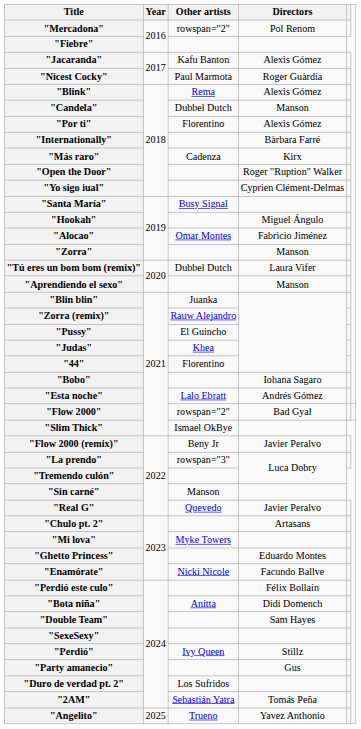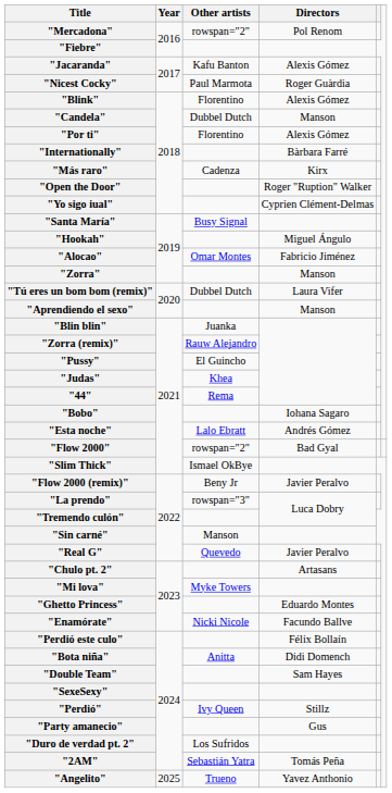 <table class="wikitable plainrowheaders" style="text-align:center">
 <tr>
 <th scope="col">Title</th>
 <th scope="col">Year</th>
 <th scope="col">Other artists</th>
 <th scope="col">Directors</th>
 <th scope="col"></th>
 </tr>
 <tr>
 <th scope="row">"Mercadona"</th>
 <td rowspan="2">2016</td>
 <td>rowspan="2" </td>
 <td>Pol Renom</td>
 <td></td>
 </tr>
 <tr>
 <th scope="row">"Fiebre"</th>
 <td></td>
 <td></td>
 </tr>
 <tr>
 <th scope="row">"Jacaranda"</th>
 <td rowspan="2">2017</td>
 <td>Kafu Banton</td>
 <td>Alexis Gómez</td>
 <td></td>
 </tr>
 <tr>
 <th scope="row">"Nicest Cocky"</th>
 <td>Paul Marmota</td>
 <td>Roger Guàrdia</td>
 <td></td>
 </tr>
 <tr>
 <th scope="row">"Blink"</th>
 <td rowspan="7">2018</td>
-<td><a href='#'>Rema</a></td>
+<td>Florentino</td>
 <td>Alexis Gómez</td>
 <td></td>
 </tr>
 <tr>
 <th scope="row">"Candela"</th>
 <td>Dubbel Dutch</td>
 <td>Manson</td>
 <td></td>
 </tr>
 <tr>
 <th scope="row">"Por ti"</th>
 <td>Florentino</td>
 <td>Alexis Gómez</td>
 <td></td>
 </tr>
 <tr>
 <th scope="row">"Internationally"</th>
 <td></td>
 <td>Bàrbara Farré</td>
 <td></td>
 </tr>
 <tr>
 <th scope="row">"Más raro"</th>
 <td>Cadenza</td>
 <td>Kirx</td>
 <td></td>
 </tr>
 <tr>
 <th scope="row">"Open the Door"</th>
 <td></td>
 <td>Roger "Ruption" Walker</td>
 <td></td>
 </tr>
 <tr>
 <th scope="row">"Yo sigo iual"</th>
 <td></td>
 <td>Cyprien Clément-Delmas</td>
 <td></td>
 </tr>
 <tr>
 <th scope="row">"Santa María"</th>
 <td rowspan="4">2019</td>
 <td><a href='#'>Busy Signal</a></td>
 <td></td>
 <td></td>
 </tr>
 <tr>
 <th scope="row">"Hookah"</th>
 <td></td>
 <td>Miguel Ángulo</td>
 <td></td>
 </tr>
 <tr>
 <th scope="row">"Alocao"</th>
 <td><a href='#'>Omar Montes</a></td>
 <td>Fabricio Jiménez</td>
 <td></td>
 </tr>
 <tr>
 <th scope="row">"Zorra"</th>
 <td></td>
 <td>Manson</td>
 <td></td>
 </tr>
 <tr>
 <th scope="row">"Tú eres un bom bom (remix)"</th>
 <td rowspan="2">2020</td>
 <td>Dubbel Dutch</td>
 <td>Laura Vifer</td>
 <td></td>
 </tr>
 <tr>
 <th scope="row">"Aprendiendo el sexo"</th>
 <td></td>
 <td>Manson</td>
 <td></td>
 </tr>
 <tr>
 <th scope="row">"Blin blin"</th>
 <td rowspan="9">2021</td>
 <td>Juanka</td>
 <td rowspan="5"></td>
 <td></td>
 </tr>
 <tr>
 <th scope="row">"Zorra (remix)"</th>
 <td><a href='#'>Rauw Alejandro</a></td>
 <td></td>
 </tr>
 <tr>
 <th scope="row">"Pussy"</th>
 <td>El Guincho</td>
 <td></td>
 </tr>
 <tr>
 <th scope="row">"Judas"</th>
 <td><a href='#'>Khea</a></td>
 <td></td>
 </tr>
 <tr>
 <th scope="row">"44"</th>
-<td>Florentino</td>
+<td><a href='#'>Rema</a></td>
 <td></td>
 </tr>
 <tr>
 <th scope="row">"Bobo"</th>
 <td></td>
 <td>Iohana Sagaro</td>
 <td></td>
 </tr>
 <tr>
 <th scope="row">"Esta noche"</th>
 <td><a href='#'>Lalo Ebratt</a></td>
 <td>Andrés Gómez</td>
 <td></td>
 </tr>
 <tr>
 <th scope="row">"Flow 2000"</th>
 <td>rowspan="2" </td>
 <td>Bad Gyal</td>
 <td></td>
 <td></td>
 </tr>
 <tr>
 <th scope="row">"Slim Thick"</th>
 <td>Ismael OkBye</td>
 <td></td>
 </tr>
 <tr>
 <th scope="row">"Flow 2000 (remix)"</th>
 <td rowspan="5">2022</td>
 <td>Beny Jr</td>
 <td>Javier Peralvo</td>
 <td></td>
 </tr>
 <tr>
 <th scope="row">"La prendo"</th>
 <td>rowspan="3" </td>
 <td rowspan="2">Luca Dobry</td>
 <td></td>
 </tr>
 <tr>
 <th scope="row">"Tremendo culón"</th>
 <td></td>
 </tr>
 <tr>
 <th scope="row">"Sin carné"</th>
 <td>Manson</td>
 <td></td>
 </tr>
 <tr>
 <th scope="row">"Real G"</th>
 <td><a href='#'>Quevedo</a></td>
 <td>Javier Peralvo</td>
 <td></td>
 </tr>
 <tr>
 <th scope="row">"Chulo pt. 2"</th>
 <td rowspan="4">2023</td>
 <td></td>
 <td>Artasans</td>
 <td></td>
 </tr>
 <tr>
 <th scope="row">"Mi lova"</th>
 <td><a href='#'>Myke Towers</a></td>
 <td></td>
 <td></td>
 </tr>
 <tr>
 <th scope="row">"Ghetto Princess"</th>
 <td></td>
 <td>Eduardo Montes</td>
 <td></td>
 </tr>
 <tr>
 <th scope="row">"Enamórate"</th>
 <td><a href='#'>Nicki Nicole</a></td>
 <td>Facundo Ballve</td>
 <td></td>
 </tr>
 <tr>
 <th scope="row">"Perdió este culo"</th>
 <td rowspan="8">2024</td>
 <td></td>
 <td>Félix Bollaín</td>
 <td></td>
 </tr>
 <tr>
 <th scope="row">"Bota niña"</th>
 <td><a href='#'>Anitta</a></td>
 <td>Didi Domench</td>
 <td></td>
 </tr>
 <tr>
 <th scope="row">"Double Team"</th>
 <td></td>
 <td>Sam Hayes</td>
 <td></td>
 </tr>
 <tr>
 <th scope="row">"SexeSexy"</th>
 <td></td>
 <td></td>
 <td></td>
 </tr>
 <tr>
 <th scope="row">"Perdió"</th>
 <td><a href='#'>Ivy Queen</a></td>
 <td>Stillz</td>
 <td></td>
 </tr>
 <tr>
 <th scope="row">"Party amanecio"</th>
 <td></td>
 <td>Gus</td>
 <td></td>
 </tr>
 <tr>
 <th scope="row">"Duro de verdad pt. 2"</th>
 <td>Los Sufridos</td>
 <td></td>
 <td></td>
 </tr>
 <tr>
 <th scope="row">"2AM"</th>
 <td><a href='#'>Sebastián Yatra</a></td>
 <td>Tomás Peña</td>
 <td></td>
 </tr>
 <tr>
 <th scope="row">"Angelito"</th>
 <td>2025</td>
 <td><a href='#'>Trueno</a></td>
 <td>Yavez Anthonio</td>
 <td></td>
 </tr>
 </table>
